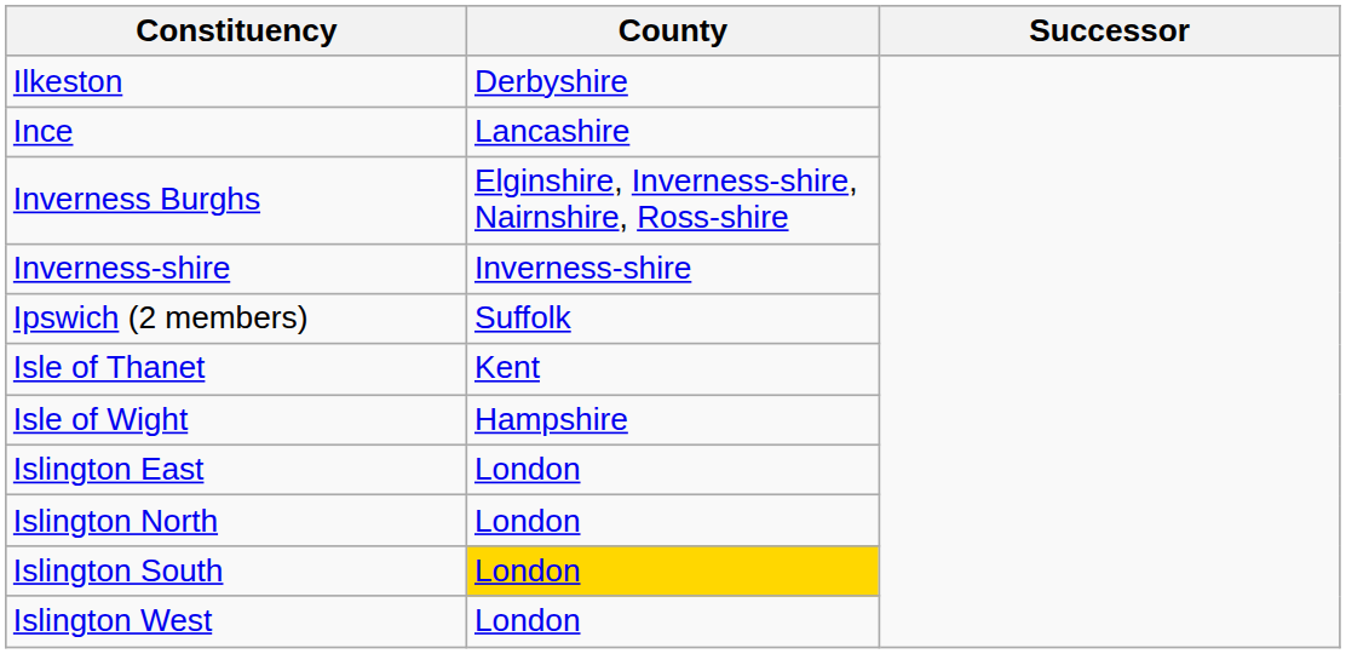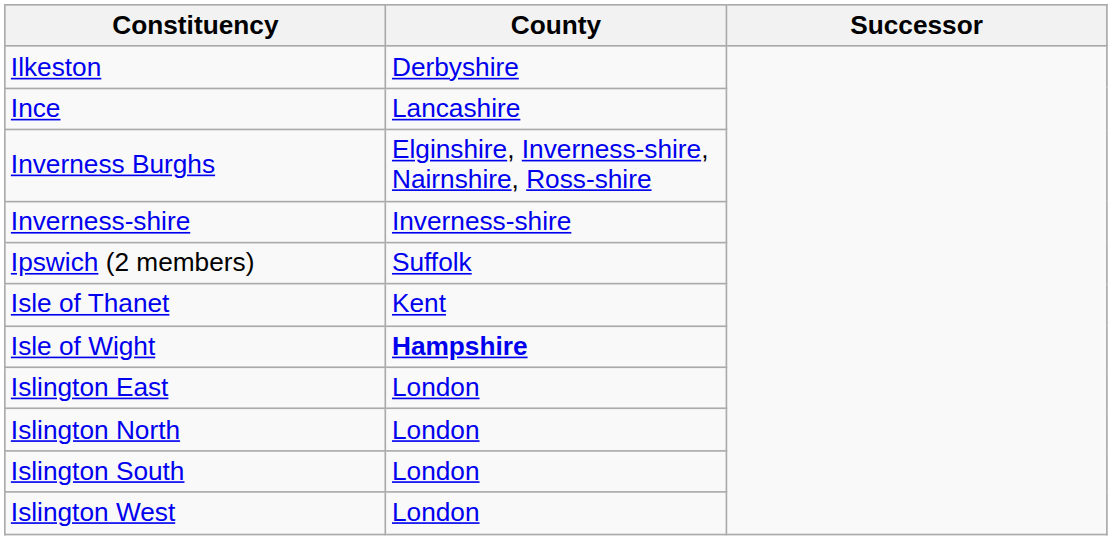 <table class="wikitable">
 <tr>
 <th width="225px">Constituency</th>
 <th width="200px">County</th>
 <th width="225px">Successor</th>
 </tr>
 <tr>
 <td><a href='#'>Ilkeston</a></td>
 <td><a href='#'>Derbyshire</a></td>
 </tr>
 <tr>
 <td><a href='#'>Ince</a></td>
 <td><a href='#'>Lancashire</a></td>
 </tr>
 <tr>
 <td><a href='#'>Inverness Burghs</a></td>
 <td><a href='#'>Elginshire</a>, <a href='#'>Inverness-shire</a>, <a href='#'>Nairnshire</a>, <a href='#'>Ross-shire</a></td>
 </tr>
 <tr>
 <td><a href='#'>Inverness-shire</a></td>
 <td><a href='#'>Inverness-shire</a></td>
 </tr>
 <tr>
 <td><a href='#'>Ipswich</a> (2 members)</td>
 <td><a href='#'>Suffolk</a></td>
 </tr>
 <tr>
 <td><a href='#'>Isle of Thanet</a></td>
 <td><a href='#'>Kent</a></td>
 </tr>
 <tr>
 <td><a href='#'>Isle of Wight</a></td>
-<td><a href='#'>Hampshire</a></td>
+<td><strong><a href='#'>Hampshire</a></strong></td>
 </tr>
 <tr>
 <td><a href='#'>Islington East</a></td>
 <td><a href='#'>London</a></td>
 </tr>
 <tr>
 <td><a href='#'>Islington North</a></td>
 <td><a href='#'>London</a></td>
 </tr>
 <tr>
 <td><a href='#'>Islington South</a></td>
-<td style="background: gold;"><a href='#'>London</a></td>
+<td><a href='#'>London</a></td>
 </tr>
 <tr>
 <td><a href='#'>Islington West</a></td>
 <td><a href='#'>London</a></td>
 </tr>
 </table>
